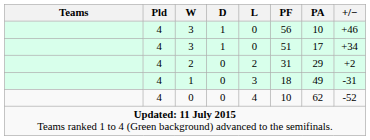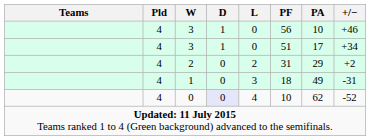 <table class="wikitable" style="text-align: center;">
 <tr>
 <th width="200">Teams</th>
 <th width="40">Pld</th>
 <th width="40">W</th>
 <th width="40">D</th>
 <th width="40">L</th>
 <th width="40">PF</th>
 <th width="40">PA</th>
 <th width="40">+/−</th>
 </tr>
 <tr bgcolor=#d8ffeb>
 <td align=left></td>
 <td>4</td>
 <td>3</td>
 <td>1</td>
 <td>0</td>
 <td>56</td>
 <td>10</td>
 <td>+46</td>
 </tr>
 <tr bgcolor=#d8ffeb>
 <td align=left></td>
 <td>4</td>
 <td>3</td>
 <td>1</td>
 <td>0</td>
 <td>51</td>
 <td>17</td>
 <td>+34</td>
 </tr>
 <tr bgcolor=#d8ffeb>
 <td align=left></td>
 <td>4</td>
 <td>2</td>
 <td>0</td>
 <td>2</td>
 <td>31</td>
 <td>29</td>
 <td>+2</td>
 </tr>
 <tr bgcolor=#d8ffeb>
 <td align=left></td>
 <td>4</td>
 <td>1</td>
 <td>0</td>
 <td>3</td>
 <td>18</td>
 <td>49</td>
 <td>-31</td>
 </tr>
 <tr>
 <td align=left></td>
 <td>4</td>
 <td>0</td>
-<td>0</td>
+<td style="background: lavender;">0</td>
 <td>4</td>
 <td>10</td>
 <td>62</td>
 <td>-52</td>
 </tr>
 <tr bgcolor="#f9f9f9" align=center>
 <td colspan="15" style="border:0px"><strong>Updated: 11 July 2015</strong><br> Teams ranked 1 to 4 <span>(Green background)</span> advanced to the semifinals.</td>
 </tr>
 </table>
